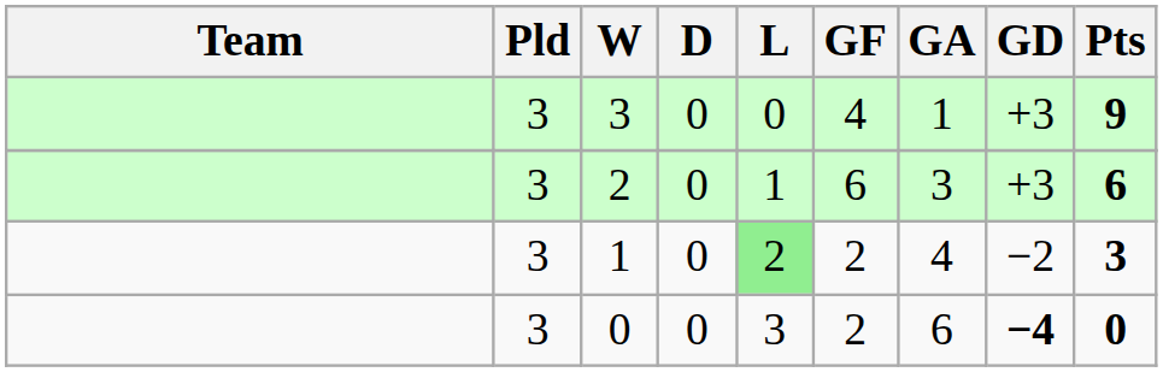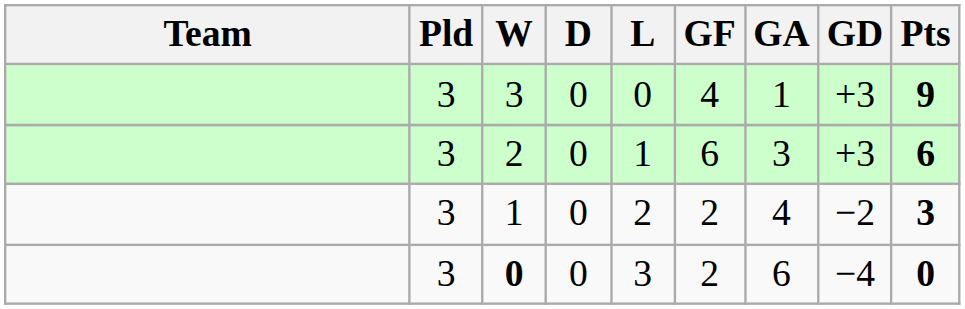 <table class="wikitable" style="text-align: center;">
 <tr>
 <th width="165">Team</th>
 <th width="20">Pld</th>
 <th width="20">W</th>
 <th width="20">D</th>
 <th width="20">L</th>
 <th width="20">GF</th>
 <th width="20">GA</th>
 <th width="20">GD</th>
 <th width="20">Pts</th>
 </tr>
 <tr style="background: #ccffcc;">
 <td style="text-align:left; "></td>
 <td>3</td>
 <td>3</td>
 <td>0</td>
 <td>0</td>
 <td>4</td>
 <td>1</td>
 <td>+3</td>
 <td><strong>9</strong></td>
 </tr>
 <tr>
 </tr>
 <tr style="background: #ccffcc;">
 <td style="text-align:left; "></td>
 <td>3</td>
 <td>2</td>
 <td>0</td>
 <td>1</td>
 <td>6</td>
 <td>3</td>
 <td>+3</td>
 <td><strong>6</strong></td>
 </tr>
 <tr>
 <td style="text-align:left; "></td>
 <td>3</td>
 <td>1</td>
 <td>0</td>
-<td style="background: lightgreen;">2</td>
+<td>2</td>
 <td>2</td>
 <td>4</td>
 <td>−2</td>
 <td><strong>3</strong></td>
 </tr>
 <tr>
 <td style="text-align:left; "></td>
 <td>3</td>
-<td>0</td>
+<td><strong>0</strong></td>
 <td>0</td>
 <td>3</td>
 <td>2</td>
 <td>6</td>
-<td><strong>−4</strong></td>
+<td>−4</td>
 <td><strong>0</strong></td>
 </tr>
 </table>
